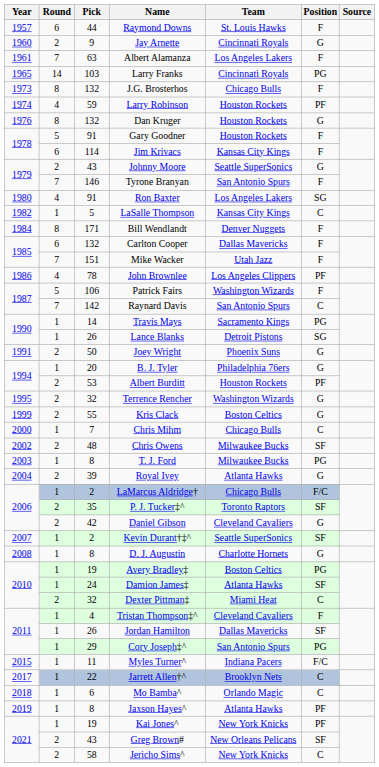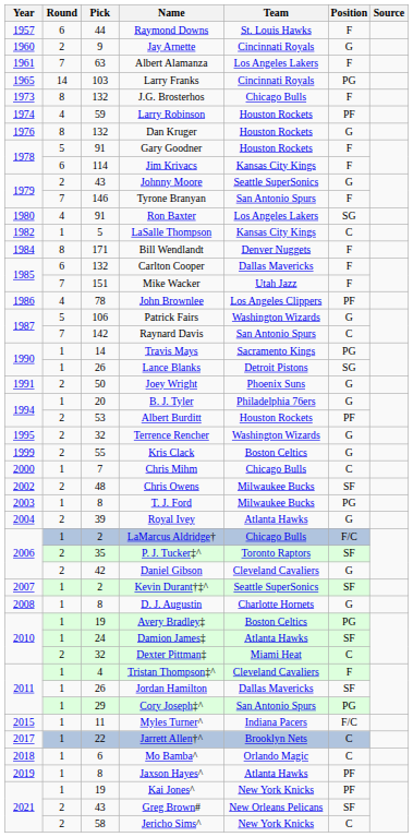 <table class="wikitable" style="text-align:center">
 <tr>
 <th style="width:50px; ">Year</th>
 <th style="width:50px; ">Round</th>
 <th style="width:50px; ">Pick</th>
 <th style="width:150px; ">Name</th>
 <th style="width:150px; ">Team</th>
 <th style="width:50px; ">Position</th>
 <th style="width:50px; ">Source</th>
 </tr>
 <tr>
 <td rowspan="1"><a href='#'>1957</a></td>
 <td>6</td>
 <td>44</td>
 <td><a href='#'>Raymond Downs</a></td>
 <td><a href='#'>St. Louis Hawks</a></td>
 <td>F</td>
 <td></td>
 </tr>
 <tr>
 <td rowspan="1"><a href='#'>1960</a></td>
 <td>2</td>
 <td>9</td>
 <td><a href='#'>Jay Arnette</a></td>
 <td><a href='#'>Cincinnati Royals</a></td>
 <td>G</td>
 <td></td>
 </tr>
 <tr>
 <td rowspan="1"><a href='#'>1961</a></td>
 <td>7</td>
 <td>63</td>
 <td>Albert Alamanza</td>
 <td><a href='#'>Los Angeles Lakers</a></td>
 <td>F</td>
 <td></td>
 </tr>
 <tr>
 <td rowspan="1"><a href='#'>1965</a></td>
 <td>14</td>
 <td>103</td>
 <td>Larry Franks</td>
 <td><a href='#'>Cincinnati Royals</a></td>
 <td>PG</td>
 <td></td>
 </tr>
 <tr>
 <td rowspan="1"><a href='#'>1973</a></td>
 <td>8</td>
 <td>132</td>
 <td>J.G. Brosterhos</td>
 <td><a href='#'>Chicago Bulls</a></td>
 <td>F</td>
 <td></td>
 </tr>
 <tr>
 <td rowspan="1"><a href='#'>1974</a></td>
 <td>4</td>
 <td>59</td>
 <td><a href='#'>Larry Robinson</a></td>
 <td><a href='#'>Houston Rockets</a></td>
 <td>PF</td>
 <td></td>
 </tr>
 <tr>
 <td rowspan="1"><a href='#'>1976</a></td>
 <td>8</td>
 <td>132</td>
 <td>Dan Kruger</td>
 <td><a href='#'>Houston Rockets</a></td>
 <td>G</td>
 <td></td>
 </tr>
 <tr>
 <td rowspan="2"><a href='#'>1978</a></td>
 <td>5</td>
 <td>91</td>
 <td>Gary Goodner</td>
 <td><a href='#'>Houston Rockets</a></td>
 <td>F</td>
 <td rowspan="2"></td>
 </tr>
 <tr>
 <td>6</td>
 <td>114</td>
 <td><a href='#'>Jim Krivacs</a></td>
 <td><a href='#'>Kansas City Kings</a></td>
 <td>F</td>
 </tr>
 <tr>
 <td rowspan="2"><a href='#'>1979</a></td>
 <td>2</td>
 <td>43</td>
 <td><a href='#'>Johnny Moore</a></td>
 <td><a href='#'>Seattle SuperSonics</a></td>
 <td>G</td>
 <td rowspan="2"></td>
 </tr>
 <tr>
 <td>7</td>
 <td>146</td>
 <td>Tyrone Branyan</td>
 <td><a href='#'>San Antonio Spurs</a></td>
 <td>F</td>
 </tr>
 <tr>
 <td rowspan="1"><a href='#'>1980</a></td>
 <td>4</td>
 <td>91</td>
 <td><a href='#'>Ron Baxter</a></td>
 <td><a href='#'>Los Angeles Lakers</a></td>
 <td>SG</td>
 <td></td>
 </tr>
 <tr>
 <td rowspan="1"><a href='#'>1982</a></td>
 <td>1</td>
 <td>5</td>
 <td><a href='#'>LaSalle Thompson</a></td>
 <td><a href='#'>Kansas City Kings</a></td>
 <td>C</td>
 <td></td>
 </tr>
 <tr>
 <td rowspan="1"><a href='#'>1984</a></td>
 <td>8</td>
 <td>171</td>
 <td>Bill Wendlandt</td>
 <td><a href='#'>Denver Nuggets</a></td>
 <td>F</td>
 <td></td>
 </tr>
 <tr>
 <td rowspan="2"><a href='#'>1985</a></td>
 <td>6</td>
 <td>132</td>
 <td>Carlton Cooper</td>
 <td><a href='#'>Dallas Mavericks</a></td>
 <td>F</td>
 <td rowspan="2"></td>
 </tr>
 <tr>
 <td>7</td>
 <td>151</td>
 <td>Mike Wacker</td>
 <td><a href='#'>Utah Jazz</a></td>
 <td>F</td>
 </tr>
 <tr>
 <td rowspan="1"><a href='#'>1986</a></td>
 <td>4</td>
 <td>78</td>
 <td><a href='#'>John Brownlee</a></td>
 <td><a href='#'>Los Angeles Clippers</a></td>
 <td>PF</td>
 <td></td>
 </tr>
 <tr>
 <td rowspan="2"><a href='#'>1987</a></td>
 <td>5</td>
 <td>106</td>
 <td>Patrick Fairs</td>
 <td><a href='#'>Washington Wizards</a></td>
-<td>F</td>
+<td>G</td>
 <td rowspan="2"></td>
 </tr>
 <tr>
 <td>7</td>
 <td>142</td>
 <td>Raynard Davis</td>
 <td><a href='#'>San Antonio Spurs</a></td>
 <td>C</td>
 </tr>
 <tr>
 <td rowspan="2"><a href='#'>1990</a></td>
 <td>1</td>
 <td>14</td>
 <td><a href='#'>Travis Mays</a></td>
 <td><a href='#'>Sacramento Kings</a></td>
 <td>PG</td>
 <td rowspan="2"></td>
 </tr>
 <tr>
 <td>1</td>
 <td>26</td>
 <td><a href='#'>Lance Blanks</a></td>
 <td><a href='#'>Detroit Pistons</a></td>
 <td>SG</td>
 </tr>
 <tr>
 <td rowspan="1"><a href='#'>1991</a></td>
 <td>2</td>
 <td>50</td>
 <td><a href='#'>Joey Wright</a></td>
 <td><a href='#'>Phoenix Suns</a></td>
 <td>G</td>
 <td></td>
 </tr>
 <tr>
 <td rowspan="2"><a href='#'>1994</a></td>
 <td>1</td>
 <td>20</td>
 <td><a href='#'>B. J. Tyler</a></td>
 <td><a href='#'>Philadelphia 76ers</a></td>
 <td>G</td>
 <td rowspan="2"></td>
 </tr>
 <tr>
 <td>2</td>
 <td>53</td>
 <td><a href='#'>Albert Burditt</a></td>
 <td><a href='#'>Houston Rockets</a></td>
 <td>PF</td>
 </tr>
 <tr>
 <td rowspan="1"><a href='#'>1995</a></td>
 <td>2</td>
 <td>32</td>
 <td><a href='#'>Terrence Rencher</a></td>
 <td><a href='#'>Washington Wizards</a></td>
 <td>G</td>
 <td></td>
 </tr>
 <tr>
 <td rowspan="1"><a href='#'>1999</a></td>
 <td>2</td>
 <td>55</td>
 <td><a href='#'>Kris Clack</a></td>
 <td><a href='#'>Boston Celtics</a></td>
 <td>G</td>
 <td></td>
 </tr>
 <tr>
 <td rowspan="1"><a href='#'>2000</a></td>
 <td>1</td>
 <td>7</td>
 <td><a href='#'>Chris Mihm</a></td>
 <td><a href='#'>Chicago Bulls</a></td>
 <td>C</td>
 <td></td>
 </tr>
 <tr>
 <td rowspan="1"><a href='#'>2002</a></td>
 <td>2</td>
 <td>48</td>
 <td><a href='#'>Chris Owens</a></td>
 <td><a href='#'>Milwaukee Bucks</a></td>
 <td>SF</td>
 <td></td>
 </tr>
 <tr>
 <td rowspan="1"><a href='#'>2003</a></td>
 <td>1</td>
 <td>8</td>
 <td><a href='#'>T. J. Ford</a></td>
 <td><a href='#'>Milwaukee Bucks</a></td>
 <td>PG</td>
 <td></td>
 </tr>
 <tr>
 <td rowspan="1"><a href='#'>2004</a></td>
 <td>2</td>
 <td>39</td>
 <td><a href='#'>Royal Ivey</a></td>
 <td><a href='#'>Atlanta Hawks</a></td>
 <td>G</td>
 <td></td>
 </tr>
 <tr>
 <td rowspan="3"><a href='#'>2006</a></td>
 <td style="background-color:lightsteelblue; border:1px solid #aaaaaa; width:2em;">1</td>
 <td style="background-color:lightsteelblue; border:1px solid #aaaaaa; width:2em;">2</td>
 <td style="background-color:lightsteelblue; border:1px solid #aaaaaa; width:2em;"><a href='#'>LaMarcus Aldridge</a>†</td>
 <td style="background-color:lightsteelblue; border:1px solid #aaaaaa; width:2em;"><a href='#'>Chicago Bulls</a></td>
 <td style="background-color:lightsteelblue; border:1px solid #aaaaaa; width:2em;">F/C</td>
 <td rowspan="3"></td>
 </tr>
 <tr>
 <td style="background-color:#DDFFDD; border:1px solid #aaaaaa; width:2em;">2</td>
 <td style="background-color:#DDFFDD; border:1px solid #aaaaaa; width:2em;">35</td>
 <td style="background-color:#DDFFDD; border:1px solid #aaaaaa; width:2em;"><a href='#'>P. J. Tucker</a>‡^</td>
 <td style="background-color:#DDFFDD; border:1px solid #aaaaaa; width:2em;"><a href='#'>Toronto Raptors</a></td>
 <td style="background-color:#DDFFDD; border:1px solid #aaaaaa; width:2em;">SF</td>
 </tr>
 <tr>
 <td>2</td>
 <td>42</td>
 <td><a href='#'>Daniel Gibson</a></td>
 <td><a href='#'>Cleveland Cavaliers</a></td>
 <td>G</td>
 </tr>
 <tr>
 <td rowspan="1"><a href='#'>2007</a></td>
 <td style="background-color:#DDFFDD; border:1px solid #aaaaaa; width:2em;">1</td>
 <td style="background-color:#DDFFDD; border:1px solid #aaaaaa; width:2em;">2</td>
 <td style="background-color:#DDFFDD; border:1px solid #aaaaaa; width:2em;"><a href='#'>Kevin Durant</a>†‡^</td>
 <td style="background-color:#DDFFDD; border:1px solid #aaaaaa; width:2em;"><a href='#'>Seattle SuperSonics</a></td>
 <td style="background-color:#DDFFDD; border:1px solid #aaaaaa; width:2em;">SF</td>
 <td></td>
 </tr>
 <tr>
 <td rowspan="1"><a href='#'>2008</a></td>
 <td>1</td>
 <td>8</td>
 <td><a href='#'>D. J. Augustin</a></td>
 <td><a href='#'>Charlotte Hornets</a></td>
 <td>G</td>
 <td></td>
 </tr>
 <tr>
 <td rowspan="3"><a href='#'>2010</a></td>
 <td style="background-color:#DDFFDD; border:1px solid #aaaaaa; width:2em;">1</td>
 <td style="background-color:#DDFFDD; border:1px solid #aaaaaa; width:2em;">19</td>
 <td style="background-color:#DDFFDD; border:1px solid #aaaaaa; width:2em;"><a href='#'>Avery Bradley</a>‡</td>
 <td style="background-color:#DDFFDD; border:1px solid #aaaaaa; width:2em;"><a href='#'>Boston Celtics</a></td>
 <td style="background-color:#DDFFDD; border:1px solid #aaaaaa; width:2em;">PG</td>
 <td rowspan="3"></td>
 </tr>
 <tr>
 <td style="background-color:#DDFFDD; border:1px solid #aaaaaa; width:2em;">1</td>
 <td style="background-color:#DDFFDD; border:1px solid #aaaaaa; width:2em;">24</td>
 <td style="background-color:#DDFFDD; border:1px solid #aaaaaa; width:2em;"><a href='#'>Damion James</a>‡</td>
 <td style="background-color:#DDFFDD; border:1px solid #aaaaaa; width:2em;"><a href='#'>Atlanta Hawks</a></td>
 <td style="background-color:#DDFFDD; border:1px solid #aaaaaa; width:2em;">SF</td>
 </tr>
 <tr>
 <td style="background-color:#DDFFDD; border:1px solid #aaaaaa; width:2em;">2</td>
 <td style="background-color:#DDFFDD; border:1px solid #aaaaaa; width:2em;">32</td>
 <td style="background-color:#DDFFDD; border:1px solid #aaaaaa; width:2em;"><a href='#'>Dexter Pittman</a>‡</td>
 <td style="background-color:#DDFFDD; border:1px solid #aaaaaa; width:2em;"><a href='#'>Miami Heat</a></td>
 <td style="background-color:#DDFFDD; border:1px solid #aaaaaa; width:2em;">C</td>
 </tr>
 <tr>
 <td rowspan="3"><a href='#'>2011</a></td>
 <td style="background-color:#DDFFDD; border:1px solid #aaaaaa; width:2em;">1</td>
 <td style="background-color:#DDFFDD; border:1px solid #aaaaaa; width:2em;">4</td>
 <td style="background-color:#DDFFDD; border:1px solid #aaaaaa; width:2em;"><a href='#'>Tristan Thompson</a>‡^</td>
 <td style="background-color:#DDFFDD; border:1px solid #aaaaaa; width:2em;"><a href='#'>Cleveland Cavaliers</a></td>
 <td style="background-color:#DDFFDD; border:1px solid #aaaaaa; width:2em;">F</td>
 <td rowspan="3"></td>
 </tr>
 <tr>
 <td>1</td>
 <td>26</td>
 <td><a href='#'>Jordan Hamilton</a></td>
 <td><a href='#'>Dallas Mavericks</a></td>
 <td>SF</td>
 </tr>
 <tr>
 <td style="background-color:#DDFFDD; border:1px solid #aaaaaa; width:2em;">1</td>
 <td style="background-color:#DDFFDD; border:1px solid #aaaaaa; width:2em;">29</td>
 <td style="background-color:#DDFFDD; border:1px solid #aaaaaa; width:2em;"><a href='#'>Cory Joseph</a>‡^</td>
 <td style="background-color:#DDFFDD; border:1px solid #aaaaaa; width:2em;"><a href='#'>San Antonio Spurs</a></td>
 <td style="background-color:#DDFFDD; border:1px solid #aaaaaa; width:2em;">PG</td>
 </tr>
 <tr>
 <td rowspan="1"><a href='#'>2015</a></td>
 <td>1</td>
 <td>11</td>
 <td><a href='#'>Myles Turner</a>^</td>
 <td><a href='#'>Indiana Pacers</a></td>
 <td>F/C</td>
 <td></td>
 </tr>
 <tr>
 <td rowspan="1"><a href='#'>2017</a></td>
 <td style="background-color:lightsteelblue; border:1px solid #aaaaaa; width:2em;">1</td>
 <td style="background-color:lightsteelblue; border:1px solid #aaaaaa; width:2em;">22</td>
 <td style="background-color:lightsteelblue; border:1px solid #aaaaaa; width:2em;"><a href='#'>Jarrett Allen</a>†^</td>
 <td style="background-color:lightsteelblue; border:1px solid #aaaaaa; width:2em;"><a href='#'>Brooklyn Nets</a></td>
 <td style="background-color:lightsteelblue; border:1px solid #aaaaaa; width:2em;">C</td>
 <td></td>
 </tr>
 <tr>
 <td rowspan="1"><a href='#'>2018</a></td>
 <td>1</td>
 <td>6</td>
 <td><a href='#'>Mo Bamba</a>^</td>
 <td><a href='#'>Orlando Magic</a></td>
 <td>C</td>
 <td></td>
 </tr>
 <tr>
 <td rowspan="1"><a href='#'>2019</a></td>
 <td>1</td>
 <td>8</td>
 <td><a href='#'>Jaxson Hayes</a>^</td>
 <td><a href='#'>Atlanta Hawks</a></td>
 <td>PF</td>
 <td></td>
 </tr>
 <tr>
 <td rowspan="3"><a href='#'>2021</a></td>
 <td>1</td>
 <td>19</td>
 <td><a href='#'>Kai Jones</a>^</td>
 <td><a href='#'>New York Knicks</a></td>
 <td>PF</td>
 <td rowspan="3"></td>
 </tr>
 <tr>
 <td>2</td>
 <td>43</td>
 <td><a href='#'>Greg Brown</a>#</td>
 <td><a href='#'>New Orleans Pelicans</a></td>
 <td>SF</td>
 </tr>
 <tr>
 <td>2</td>
 <td>58</td>
 <td><a href='#'>Jericho Sims</a>^</td>
 <td><a href='#'>New York Knicks</a></td>
 <td>C</td>
 </tr>
 </table>
